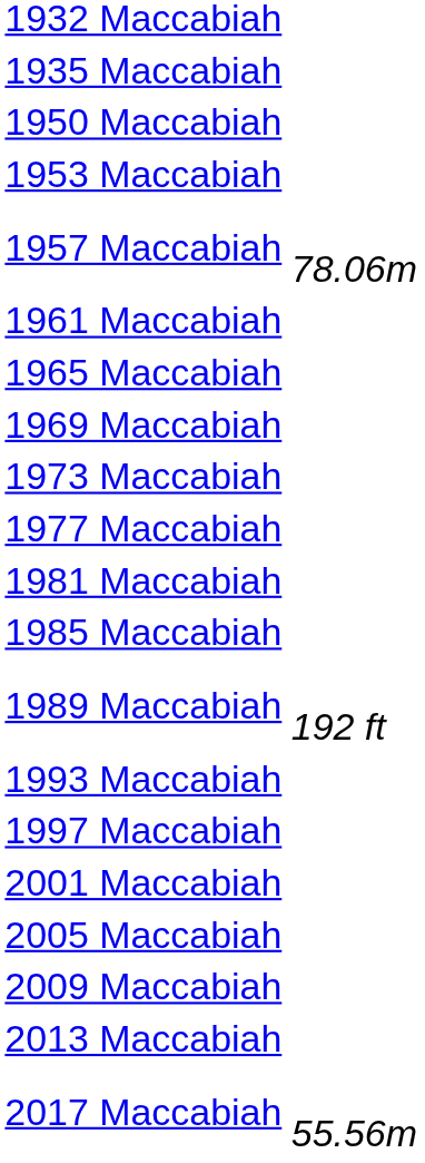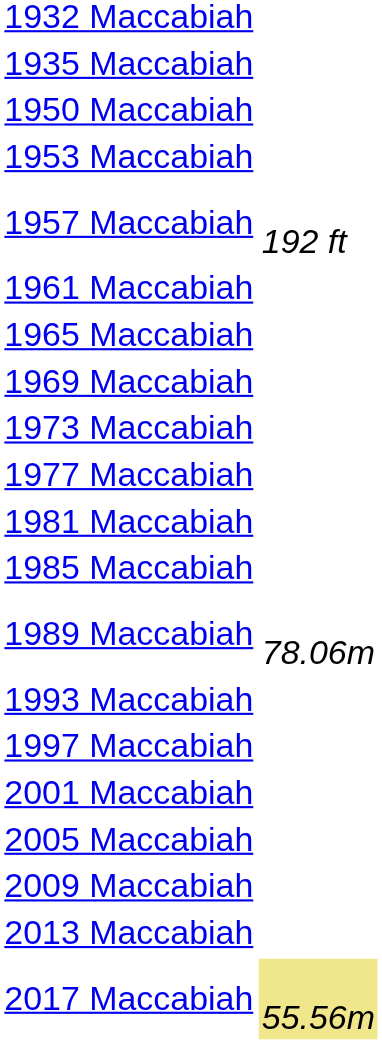 <table>
 <tr valign="top">
 <td><a href='#'>1932 Maccabiah</a></td>
 <td></td>
 <td></td>
 <td></td>
 </tr>
 <tr>
 <td><a href='#'>1935 Maccabiah</a></td>
 <td></td>
 <td></td>
 <td></td>
 </tr>
 <tr>
 <td><a href='#'>1950 Maccabiah</a></td>
 <td></td>
 <td></td>
 <td></td>
 </tr>
 <tr>
 <td><a href='#'>1953 Maccabiah</a></td>
 <td></td>
 <td></td>
 <td></td>
 </tr>
 <tr>
 <td><a href='#'>1957 Maccabiah</a></td>
-<td><br><em>78.06m </em></td>
+<td><br><em>192 ft </em></td>
 <td></td>
 <td></td>
 </tr>
 <tr>
 <td><a href='#'>1961 Maccabiah</a></td>
 <td></td>
 <td></td>
 <td></td>
 </tr>
 <tr>
 <td><a href='#'>1965 Maccabiah</a></td>
 <td></td>
 <td></td>
 <td></td>
 </tr>
 <tr>
 <td><a href='#'>1969 Maccabiah</a></td>
 <td></td>
 <td></td>
 <td></td>
 </tr>
 <tr>
 <td><a href='#'>1973 Maccabiah</a></td>
 <td></td>
 <td></td>
 <td></td>
 </tr>
 <tr>
 <td><a href='#'>1977 Maccabiah</a></td>
 <td></td>
 <td></td>
 <td></td>
 </tr>
 <tr>
 <td><a href='#'>1981 Maccabiah</a></td>
 <td></td>
 <td></td>
 <td></td>
 </tr>
 <tr>
 <td><a href='#'>1985 Maccabiah</a></td>
 <td></td>
 <td></td>
 <td></td>
 </tr>
 <tr>
 <td><a href='#'>1989 Maccabiah</a></td>
-<td><br><em>192 ft </em></td>
+<td><br><em>78.06m </em></td>
 <td></td>
 <td></td>
 </tr>
 <tr>
 <td><a href='#'>1993 Maccabiah</a></td>
 <td></td>
 <td></td>
 <td></td>
 </tr>
 <tr>
 <td><a href='#'>1997 Maccabiah</a></td>
 <td></td>
 <td></td>
 <td></td>
 </tr>
 <tr>
 <td><a href='#'>2001 Maccabiah</a></td>
 <td></td>
 <td></td>
 <td></td>
 </tr>
 <tr>
 <td><a href='#'>2005 Maccabiah</a></td>
 <td></td>
 <td></td>
 <td></td>
 </tr>
 <tr>
 <td><a href='#'>2009 Maccabiah</a></td>
 <td></td>
 <td></td>
 <td></td>
 </tr>
 <tr>
 <td><a href='#'>2013 Maccabiah</a></td>
 <td></td>
 <td></td>
 <td></td>
 </tr>
 <tr>
 <td><a href='#'>2017 Maccabiah</a></td>
-<td><br><em>55.56m</em></td>
+<td style="background: khaki;"><br><em>55.56m</em></td>
 <td></td>
 <td></td>
 </tr>
 </table>
